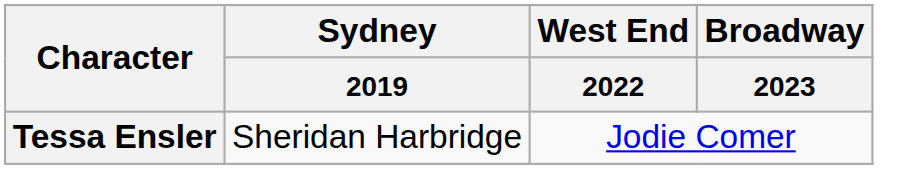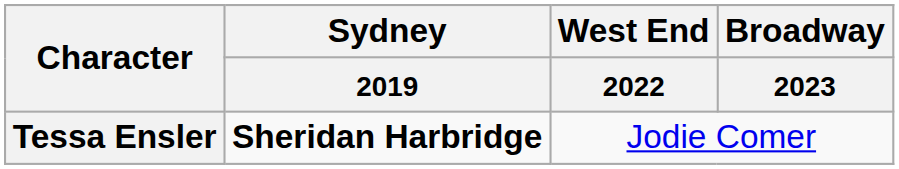 <table class="wikitable">
 <tr>
 <th rowspan="2">Character</th>
 <th>Sydney</th>
 <th>West End</th>
 <th>Broadway</th>
 </tr>
 <tr>
 <th><small>2019</small></th>
 <th><small>2022</small></th>
 <th><small>2023</small></th>
 </tr>
 <tr>
 <th>Tessa Ensler</th>
-<td align="center">Sheridan Harbridge</td>
+<td align="center"><strong>Sheridan Harbridge</strong></td>
 <td colspan="2" align="center"><a href='#'>Jodie Comer</a></td>
 </tr>
 </table>
